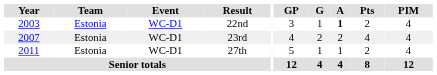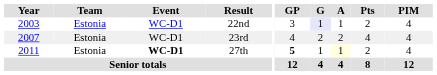 <table border="0" cellpadding="1" cellspacing="0" style="text-align:center; width:40em">
 <tr ALIGN="center" bgcolor="#e0e0e0">
 <th>Year</th>
 <th>Team</th>
 <th>Event</th>
 <th>Result</th>
 <th rowspan="99" bgcolor="#ffffff"></th>
 <th>GP</th>
 <th>G</th>
 <th>A</th>
 <th>Pts</th>
 <th>PIM</th>
 </tr>
 <tr style="text-align:center;">
 <td><a href='#'>2003</a></td>
 <td><a href='#'>Estonia</a></td>
 <td><a href='#'>WC-D1</a></td>
 <td>22nd</td>
 <td>3</td>
+<td style="background: lavender;">1</td>
 <td>1</td>
-<td><strong>1</strong></td>
 <td>2</td>
 <td>4</td>
 </tr>
 <tr style="background:#f0f0f0; text-align:center;">
 <td><a href='#'>2007</a></td>
 <td>Estonia</td>
 <td>WC-D1</td>
 <td>23rd</td>
 <td>4</td>
 <td>2</td>
 <td>2</td>
 <td>4</td>
 <td>4</td>
 </tr>
 <tr style="text-align:center;">
 <td><a href='#'>2011</a></td>
 <td>Estonia</td>
-<td>WC-D1</td>
+<td><strong>WC-D1</strong></td>
 <td>27th</td>
-<td>5</td>
+<td><strong>5</strong></td>
 <td>1</td>
-<td>1</td>
+<td style="background: lightyellow;">1</td>
 <td>2</td>
 <td>4</td>
 </tr>
 <tr style="text-align:center; background:#e0e0e0;">
 <th colspan=4>Senior totals</th>
 <th>12</th>
 <th>4</th>
 <th>4</th>
 <th>8</th>
 <th>12</th>
 </tr>
 </table>
